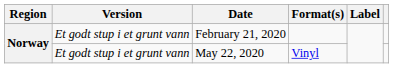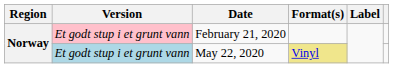 <table class="wikitable plainrowheaders">
 <tr>
 <th scope="col">Region</th>
 <th scope="col">Version</th>
 <th scope="col">Date</th>
 <th scope="col">Format(s)</th>
 <th scope="col">Label</th>
 <th scope="col"></th>
 </tr>
 <tr>
 <th scope="row" rowspan="3">Norway</th>
-<td><em>Et godt stup i et grunt vann</em></td>
+<td style="background: pink;"><em>Et godt stup i et grunt vann</em></td>
 <td>February 21, 2020</td>
 <td></td>
 <td rowspan="2"></td>
 <td style="text-align:center;"></td>
 </tr>
 <tr>
-<td><em>Et godt stup i et grunt vann</em></td>
+<td style="background: lightblue;"><em>Et godt stup i et grunt vann</em></td>
 <td>May 22, 2020</td>
-<td><a href='#'>Vinyl</a></td>
+<td style="background: khaki;"><a href='#'>Vinyl</a></td>
 <td style="text-align:center;"></td>
 </tr>
 </table>
